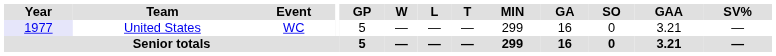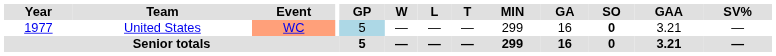 <table border="0" cellpadding="1" cellspacing="0" ID="Table3" style="text-align:center; width:60em">
 <tr ALIGN="center" bgcolor="#e0e0e0">
 <th>Year</th>
 <th>Team</th>
 <th>Event</th>
 <th rowspan="99" bgcolor="#ffffff"></th>
 <th>GP</th>
 <th>W</th>
 <th>L</th>
 <th>T</th>
 <th>MIN</th>
 <th>GA</th>
 <th>SO</th>
 <th>GAA</th>
 <th>SV%</th>
 </tr>
 <tr>
-<td style="background: lavender;"><a href='#'>1977</a></td>
+<td><a href='#'>1977</a></td>
 <td><a href='#'>United States</a></td>
-<td><a href='#'>WC</a></td>
-<td>5</td>
+<td style="background: lightsalmon;"><a href='#'>WC</a></td>
+<td style="background: lightblue;">5</td>
 <td>—</td>
 <td>—</td>
 <td>—</td>
 <td>299</td>
 <td>16</td>
-<td>0</td>
+<td><strong>0</strong></td>
 <td>3.21</td>
 <td>—</td>
 </tr>
 <tr bgcolor="#e0e0e0">
 <th colspan=4>Senior totals</th>
 <th>5</th>
 <th>—</th>
 <th>—</th>
 <th>—</th>
 <th>299</th>
 <th>16</th>
 <th>0</th>
 <th>3.21</th>
 <th>—</th>
 </tr>
 </table>
